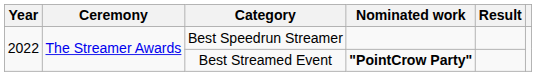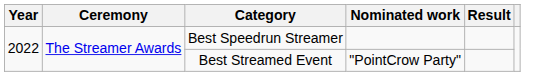 <table class="wikitable" style="text-align:center;">
 <tr>
 <th>Year</th>
 <th>Ceremony</th>
 <th>Category</th>
 <th>Nominated work</th>
 <th>Result</th>
 <th></th>
 </tr>
 <tr>
 <td rowspan="2">2022</td>
 <td rowspan="2"><a href='#'>The Streamer Awards</a></td>
 <td>Best Speedrun Streamer</td>
 <td></td>
 <td></td>
 <td rowspan="2"></td>
 </tr>
 <tr>
 <td>Best Streamed Event</td>
-<td><strong>"PointCrow Party"</strong></td>
+<td>"PointCrow Party"</td>
 <td></td>
 </tr>
 </table>
